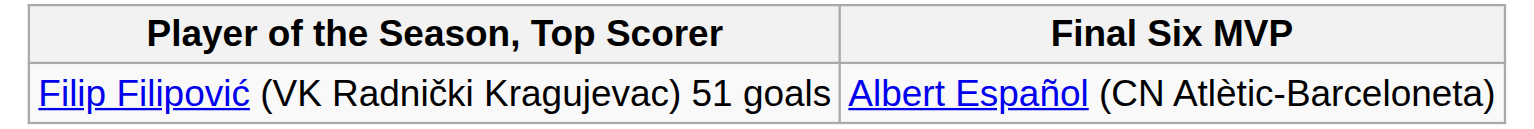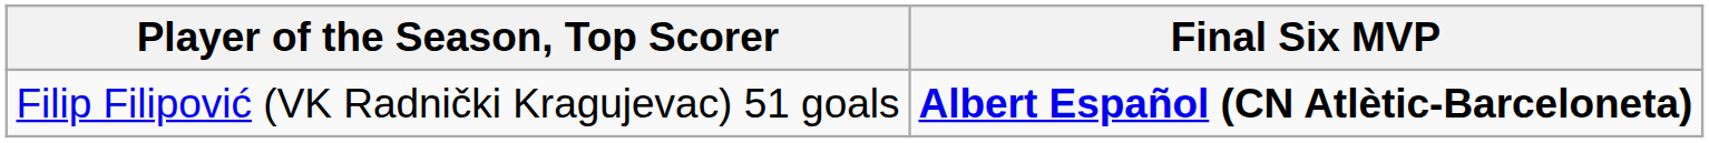 <table class=wikitable style="text-align:left; margin:auto">
 <tr>
 <th>Player of the Season, Top Scorer</th>
 <th>Final Six MVP</th>
 </tr>
 <tr>
 <td> <a href='#'>Filip Filipović</a> (VK Radnički Kragujevac) 51 goals</td>
-<td> <a href='#'>Albert Español</a> (CN Atlètic-Barceloneta)</td>
+<td><strong> <a href='#'>Albert Español</a> (CN Atlètic-Barceloneta)</strong></td>
 </tr>
 </table>
